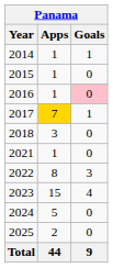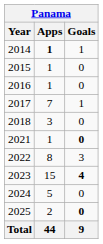 <table class="wikitable" style="text-align:center">
 <tr>
 <th colspan=3><a href='#'>Panama</a></th>
 </tr>
 <tr>
 <th>Year</th>
 <th>Apps</th>
 <th>Goals</th>
 </tr>
 <tr>
 <td>2014</td>
-<td>1</td>
+<td><strong>1</strong></td>
 <td>1</td>
 </tr>
 <tr>
 <td>2015</td>
 <td>1</td>
 <td>0</td>
 </tr>
 <tr>
 <td>2016</td>
 <td>1</td>
-<td style="background: pink;">0</td>
+<td>0</td>
 </tr>
 <tr>
 <td>2017</td>
-<td style="background: gold;">7</td>
+<td>7</td>
 <td>1</td>
 </tr>
 <tr>
 <td>2018</td>
 <td>3</td>
 <td>0</td>
 </tr>
 <tr>
 <td>2021</td>
 <td>1</td>
-<td>0</td>
+<td><strong>0</strong></td>
 </tr>
 <tr>
 <td>2022</td>
 <td>8</td>
 <td>3</td>
 </tr>
 <tr>
 <td>2023</td>
 <td>15</td>
-<td>4</td>
+<td><strong>4</strong></td>
 </tr>
 <tr>
 <td>2024</td>
 <td>5</td>
 <td>0</td>
 </tr>
 <tr>
 <td>2025</td>
 <td>2</td>
-<td>0</td>
+<td><strong>0</strong></td>
 </tr>
 <tr>
 <th>Total</th>
 <th>44</th>
 <th>9</th>
 </tr>
 </table>
